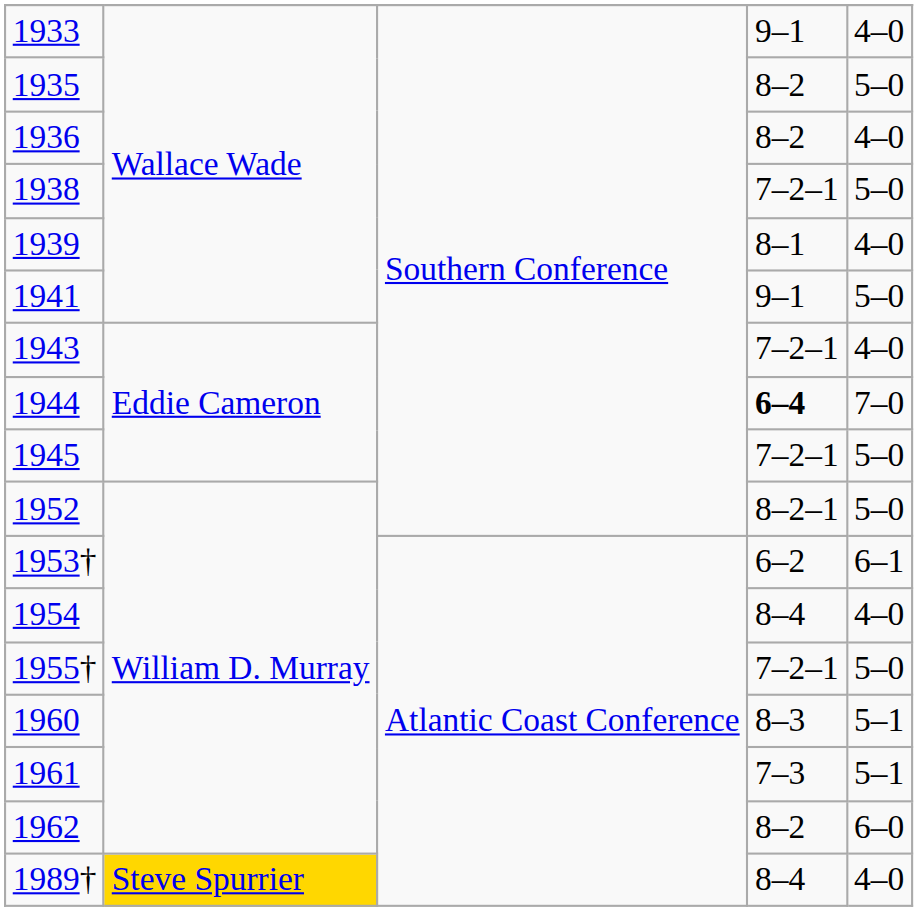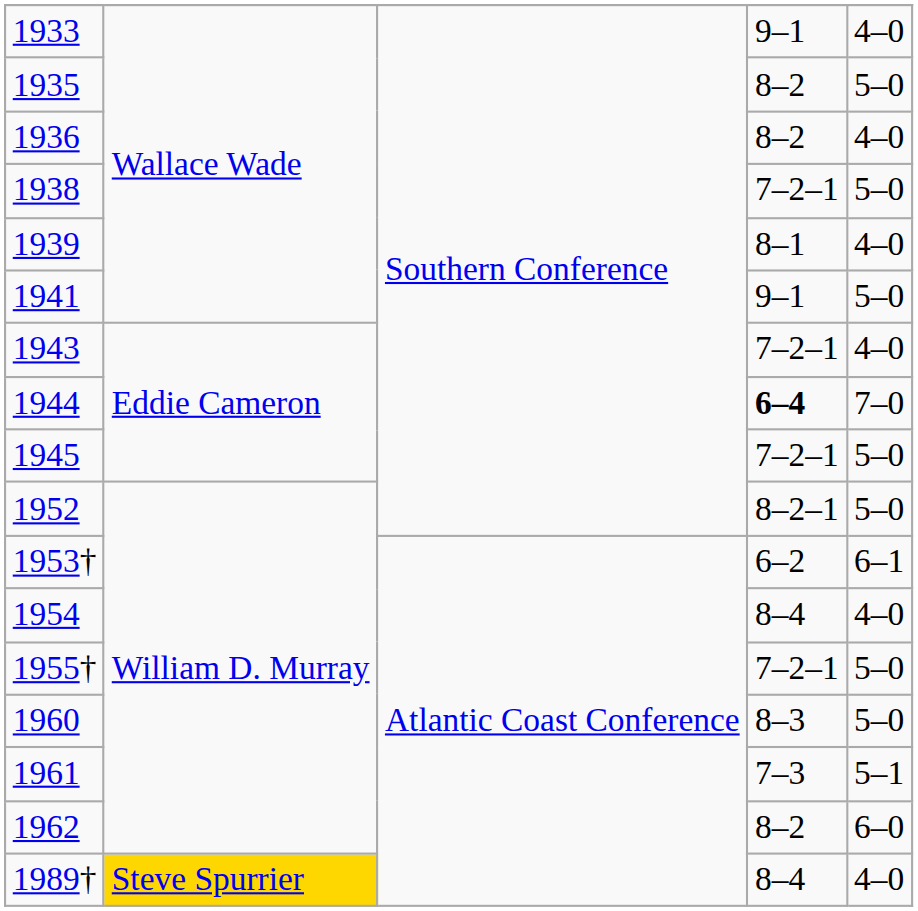 <table class="wikitable">
 <tr>
 </tr>
 <tr>
 <td><a href='#'>1933</a></td>
 <td rowspan="6"><a href='#'>Wallace Wade</a></td>
 <td rowspan="10"><a href='#'>Southern Conference</a></td>
 <td>9–1</td>
 <td>4–0</td>
 </tr>
 <tr>
 <td><a href='#'>1935</a></td>
 <td>8–2</td>
 <td>5–0</td>
 </tr>
 <tr>
 <td><a href='#'>1936</a></td>
 <td>8–2</td>
 <td>4–0</td>
 </tr>
 <tr>
 <td><a href='#'>1938</a></td>
 <td>7–2–1</td>
 <td>5–0</td>
 </tr>
 <tr>
 <td><a href='#'>1939</a></td>
 <td>8–1</td>
 <td>4–0</td>
 </tr>
 <tr>
 <td><a href='#'>1941</a></td>
 <td>9–1</td>
 <td>5–0</td>
 </tr>
 <tr>
 <td><a href='#'>1943</a></td>
 <td rowspan="3"><a href='#'>Eddie Cameron</a></td>
 <td>7–2–1</td>
 <td>4–0</td>
 </tr>
 <tr>
 <td><a href='#'>1944</a></td>
 <td><strong>6–4</strong></td>
 <td>7–0</td>
 </tr>
 <tr>
 <td><a href='#'>1945</a></td>
 <td>7–2–1</td>
 <td>5–0</td>
 </tr>
 <tr>
 <td><a href='#'>1952</a></td>
 <td rowspan="7"><a href='#'>William D. Murray</a></td>
 <td>8–2–1</td>
 <td>5–0</td>
 </tr>
 <tr>
 <td><a href='#'>1953</a>†</td>
 <td rowspan="7"><a href='#'>Atlantic Coast Conference</a></td>
 <td>6–2</td>
 <td>6–1</td>
 </tr>
 <tr>
 <td><a href='#'>1954</a></td>
 <td>8–4</td>
 <td>4–0</td>
 </tr>
 <tr>
 <td><a href='#'>1955</a>†</td>
 <td>7–2–1</td>
 <td>5–0</td>
 </tr>
 <tr>
 <td><a href='#'>1960</a></td>
 <td>8–3</td>
-<td>5–1</td>
+<td>5–0</td>
 </tr>
 <tr>
 <td><a href='#'>1961</a></td>
 <td>7–3</td>
 <td>5–1</td>
 </tr>
 <tr>
 <td><a href='#'>1962</a></td>
 <td>8–2</td>
 <td>6–0</td>
 </tr>
 <tr>
 <td><a href='#'>1989</a>†</td>
 <td style="background: gold;"><a href='#'>Steve Spurrier</a></td>
 <td>8–4</td>
 <td>4–0</td>
 </tr>
 </table>
